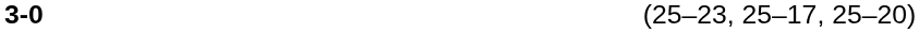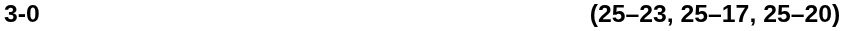 <table width=100% cellspacing=1>
 <tr>
 <th width=20%></th>
 <th width=12%></th>
 <th width=20%></th>
 <th width=33%></th>
 <td></td>
 </tr>
 <tr style=font-size:90%>
 <td align=right></td>
 <td align=center><strong>3-0</strong></td>
 <td></td>
-<td>(25–23, 25–17, 25–20)</td>
+<td><strong>(25–23, 25–17, 25–20)</strong></td>
 </tr>
 </table>
